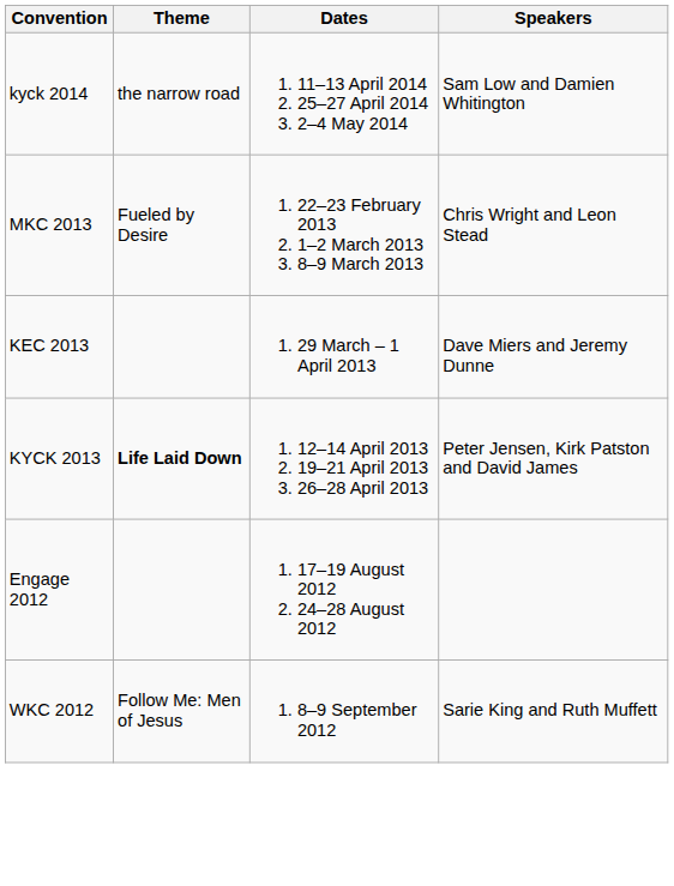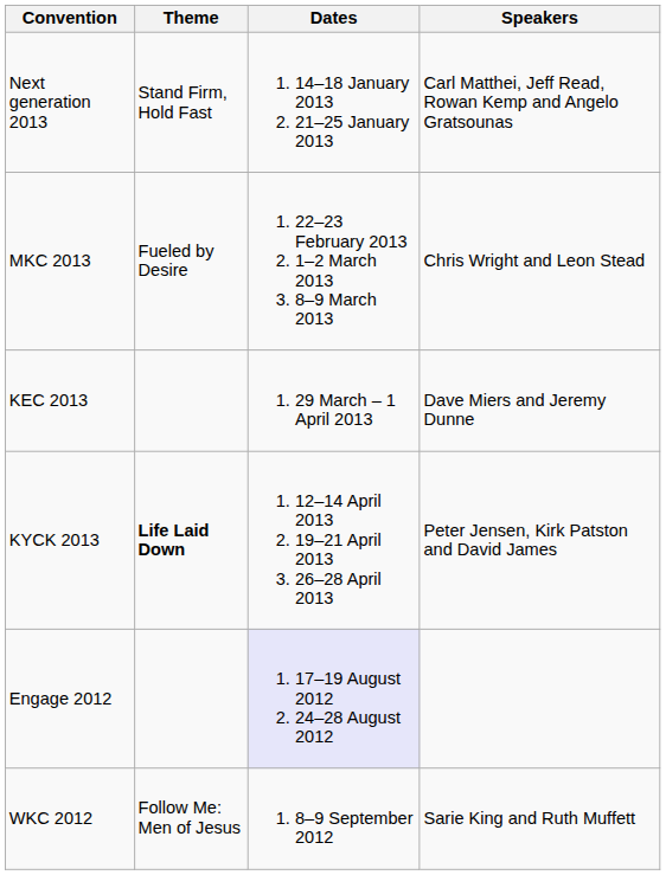 <table class="wikitable">
 <tr>
 <th>Convention</th>
 <th>Theme</th>
 <th>Dates</th>
 <th>Speakers</th>
 </tr>
 <tr>
-<td>kyck 2014 </td>
-<td>the narrow road</td>
-<td><br><ol><li>11–13 April 2014</li><li>25–27 April 2014</li><li>2–4 May 2014</li></ol></td>
-<td>Sam Low and Damien Whitington</td>
+<td>Next generation 2013 </td>
+<td>Stand Firm, Hold Fast</td>
+<td><br><ol><li>14–18 January 2013</li><li>21–25 January 2013</li></ol></td>
+<td>Carl Matthei, Jeff Read, Rowan Kemp and Angelo Gratsounas</td>
 </tr>
 <tr>
 <td>MKC 2013 </td>
 <td>Fueled by Desire</td>
 <td><br><ol><li>22–23 February 2013</li><li>1–2 March 2013</li><li>8–9 March 2013</li></ol></td>
 <td>Chris Wright and Leon Stead</td>
 </tr>
 <tr>
 <td>KEC 2013 </td>
 <td></td>
 <td><br><ol><li>29 March – 1 April 2013</li></ol></td>
 <td><br>Dave Miers and Jeremy Dunne</td>
 </tr>
 <tr>
 <td>KYCK 2013</td>
 <td><strong>Life Laid Down</strong></td>
 <td><br><ol><li>12–14 April 2013</li><li>19–21 April 2013</li><li>26–28 April 2013</li></ol></td>
 <td>Peter Jensen, Kirk Patston and David James</td>
 </tr>
 <tr>
 <td>Engage 2012 </td>
 <td></td>
-<td><br><ol><li>17–19 August 2012</li><li>24–28 August 2012</li></ol></td>
+<td style="background: lavender;"><br><ol><li>17–19 August 2012</li><li>24–28 August 2012</li></ol></td>
 <td></td>
 </tr>
 <tr>
 <td>WKC 2012 </td>
 <td>Follow Me: Men of Jesus</td>
 <td><br><ol><li>8–9 September 2012</li></ol></td>
 <td>Sarie King and Ruth Muffett</td>
 </tr>
 </table>
